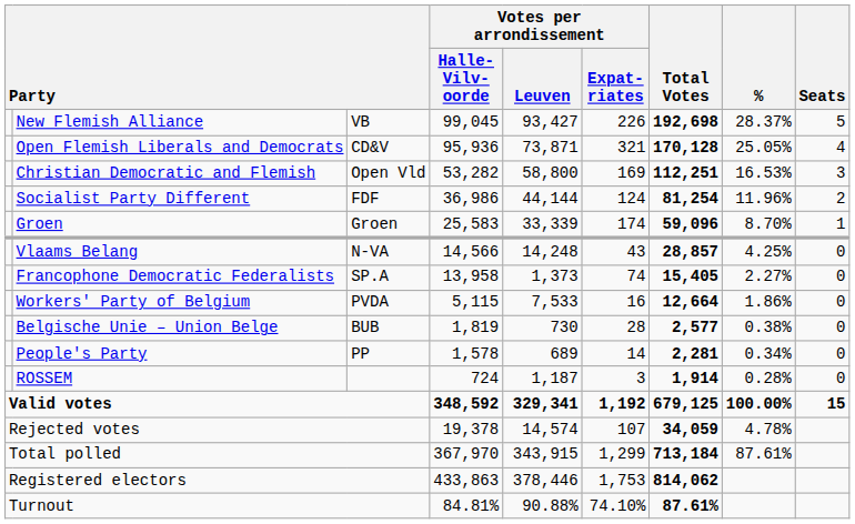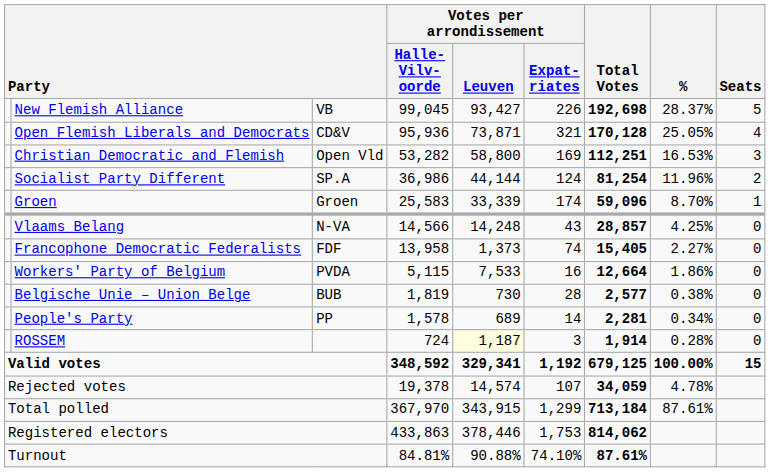 <table class="wikitable" border="1" style="text-align:right;">
 <tr>
 <th style="text-align:left;" valign=bottom rowspan=2 colspan=3>Party</th>
 <th colspan=3>Votes per arrondissement</th>
 <th align=center valign=bottom rowspan=2 width="50">Total Votes</th>
 <th align=center valign=bottom rowspan=2 width="50">%</th>
 <th align=center valign=bottom rowspan=2>Seats</th>
 </tr>
 <tr>
 <th align=center valign=bottom width="50"><a href='#'>Halle- Vilv- oorde</a></th>
 <th align=center valign=bottom width="60"><a href='#'>Leuven</a></th>
 <th align=center valign=bottom width="50"><a href='#'>Expat- riates</a></th>
 </tr>
 <tr>
 <td></td>
 <td align=left><a href='#'>New Flemish Alliance</a></td>
 <td align=left>VB</td>
 <td>99,045</td>
 <td>93,427</td>
 <td>226</td>
 <td><strong>192,698</strong></td>
 <td>28.37%</td>
 <td>5</td>
 </tr>
 <tr>
 <td></td>
 <td align=left style="white-space: nowrap;"><a href='#'>Open Flemish Liberals and Democrats</a></td>
 <td align=left>CD&V</td>
 <td>95,936</td>
 <td>73,871</td>
 <td>321</td>
 <td><strong>170,128</strong></td>
 <td>25.05%</td>
 <td>4</td>
 </tr>
 <tr>
 <td></td>
 <td align=left><a href='#'>Christian Democratic and Flemish</a></td>
 <td align=left style="white-space: nowrap;">Open Vld</td>
 <td>53,282</td>
 <td>58,800</td>
 <td>169</td>
 <td><strong>112,251</strong></td>
 <td>16.53%</td>
 <td>3</td>
 </tr>
 <tr>
 <td></td>
 <td align=left><a href='#'>Socialist Party Different</a></td>
-<td align=left>FDF</td>
+<td align=left>SP.A</td>
 <td>36,986</td>
 <td>44,144</td>
 <td>124</td>
 <td><strong>81,254</strong></td>
 <td>11.96%</td>
 <td>2</td>
 </tr>
 <tr>
 <td></td>
 <td align=left><a href='#'>Groen</a></td>
 <td align=left>Groen</td>
 <td>25,583</td>
 <td>33,339</td>
 <td>174</td>
 <td><strong>59,096</strong></td>
 <td>8.70%</td>
 <td>1</td>
 </tr>
 <tr style="border-top:3px solid darkgray;">
 <td></td>
 <td align=left><a href='#'>Vlaams Belang</a></td>
 <td align=left>N-VA</td>
 <td>14,566</td>
 <td>14,248</td>
 <td>43</td>
 <td><strong>28,857</strong></td>
 <td>4.25%</td>
 <td>0</td>
 </tr>
 <tr>
 <td></td>
 <td align=left><a href='#'>Francophone Democratic Federalists</a></td>
-<td align=left>SP.A</td>
+<td align=left>FDF</td>
 <td>13,958</td>
 <td>1,373</td>
 <td>74</td>
 <td><strong>15,405</strong></td>
 <td>2.27%</td>
 <td>0</td>
 </tr>
 <tr>
 <td></td>
 <td align=left><a href='#'>Workers' Party of Belgium</a></td>
 <td align=left>PVDA</td>
 <td>5,115</td>
 <td>7,533</td>
 <td>16</td>
 <td><strong>12,664</strong></td>
 <td>1.86%</td>
 <td>0</td>
 </tr>
 <tr>
 <td></td>
 <td align=left><a href='#'>Belgische Unie – Union Belge</a></td>
 <td align=left>BUB</td>
 <td>1,819</td>
 <td>730</td>
 <td>28</td>
 <td><strong>2,577</strong></td>
 <td>0.38%</td>
 <td>0</td>
 </tr>
 <tr>
 <td></td>
 <td align=left><a href='#'>People's Party</a></td>
 <td align=left>PP</td>
 <td>1,578</td>
 <td>689</td>
 <td>14</td>
 <td><strong>2,281</strong></td>
 <td>0.34%</td>
 <td>0</td>
 </tr>
 <tr>
 <td></td>
 <td align=left><a href='#'>ROSSEM</a></td>
 <td align=left></td>
 <td>724</td>
-<td>1,187</td>
+<td style="background: lightyellow;">1,187</td>
 <td>3</td>
 <td><strong>1,914</strong></td>
 <td>0.28%</td>
 <td>0</td>
 </tr>
 <tr style="font-weight:bold">
 <td align=left colspan=3>Valid votes</td>
 <td>348,592</td>
 <td>329,341</td>
 <td>1,192</td>
 <td>679,125</td>
 <td>100.00%</td>
 <td>15</td>
 </tr>
 <tr>
 <td align=left colspan=3>Rejected votes</td>
 <td>19,378</td>
 <td>14,574</td>
 <td>107</td>
 <td><strong>34,059</strong></td>
 <td>4.78%</td>
 <td></td>
 </tr>
 <tr>
 <td align=left colspan=3>Total polled</td>
 <td>367,970</td>
 <td>343,915</td>
 <td>1,299</td>
 <td><strong>713,184</strong></td>
 <td>87.61%</td>
 <td></td>
 </tr>
 <tr>
 <td align=left colspan=3>Registered electors</td>
 <td>433,863</td>
 <td>378,446</td>
 <td>1,753</td>
 <td><strong>814,062</strong></td>
 <td></td>
 <td></td>
 </tr>
 <tr>
 <td align=left colspan=3>Turnout</td>
 <td>84.81%</td>
 <td>90.88%</td>
 <td>74.10%</td>
 <td><strong>87.61%</strong></td>
 <td></td>
 <td></td>
 </tr>
 </table>
